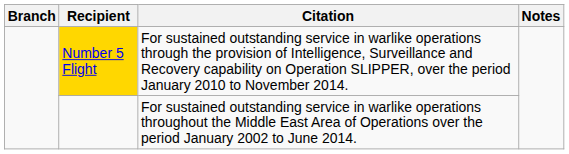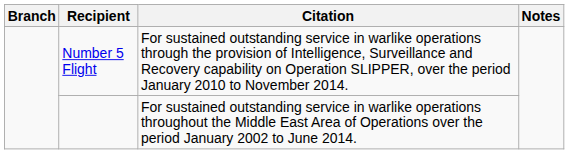 <table class="wikitable" style="font-size:95%;">
 <tr>
 <th>Branch</th>
 <th>Recipient</th>
 <th>Citation</th>
 <th>Notes</th>
 </tr>
 <tr>
 <td rowspan=2></td>
-<td style="background: gold;"><a href='#'>Number 5 Flight</a></td>
+<td><a href='#'>Number 5 Flight</a></td>
 <td>For sustained outstanding service in warlike operations through the provision of Intelligence, Surveillance and Recovery capability on Operation SLIPPER, over the period January 2010 to November 2014.</td>
 <td rowspan=2></td>
 </tr>
 <tr>
 <td></td>
 <td>For sustained outstanding service in warlike operations throughout the Middle East Area of Operations over the period January 2002 to June 2014.</td>
 </tr>
 </table>
